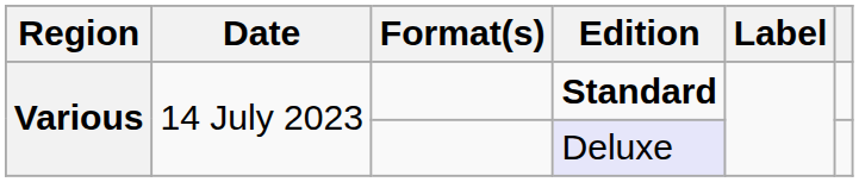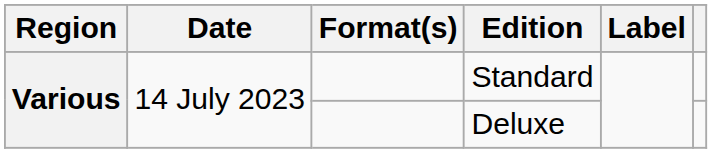 <table class="wikitable plainrowheaders">
 <tr>
 <th scope="col">Region</th>
 <th scope="col">Date</th>
 <th scope="col">Format(s)</th>
 <th scope="col">Edition</th>
 <th scope="col">Label</th>
 <th scope="col"></th>
 </tr>
 <tr>
 <th scope="row" rowspan="2">Various</th>
 <td rowspan="2">14 July 2023</td>
 <td></td>
-<td><strong>Standard</strong></td>
+<td>Standard</td>
 <td rowspan="2"></td>
 <td style="text-align:center;"></td>
 </tr>
 <tr>
 <td></td>
-<td style="background: lavender;">Deluxe</td>
+<td>Deluxe</td>
 <td style="text-align:center;"></td>
 </tr>
 </table>
